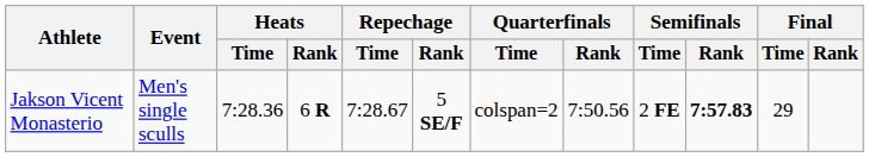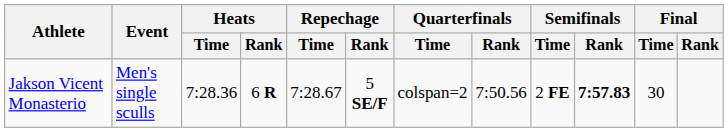 <table class="wikitable" style="font-size:90%">
 <tr>
 <th rowspan="2">Athlete</th>
 <th rowspan="2">Event</th>
 <th colspan="2">Heats</th>
 <th colspan="2">Repechage</th>
 <th colspan="2">Quarterfinals</th>
 <th colspan="2">Semifinals</th>
 <th colspan="2">Final</th>
 </tr>
 <tr style="font-size:95%">
 <th>Time</th>
 <th>Rank</th>
 <th>Time</th>
 <th>Rank</th>
 <th>Time</th>
 <th>Rank</th>
 <th>Time</th>
 <th>Rank</th>
 <th>Time</th>
 <th>Rank</th>
 </tr>
 <tr align=center>
 <td align=left><a href='#'>Jakson Vicent Monasterio</a></td>
 <td align=left><a href='#'>Men's single sculls</a></td>
 <td>7:28.36</td>
 <td>6 <strong>R</strong></td>
 <td>7:28.67</td>
 <td>5 <strong>SE/F</strong></td>
 <td>colspan=2 </td>
 <td>7:50.56</td>
 <td>2 <strong>FE</strong></td>
 <td><strong>7:57.83</strong></td>
-<td>29</td>
+<td>30</td>
 </tr>
 </table>
